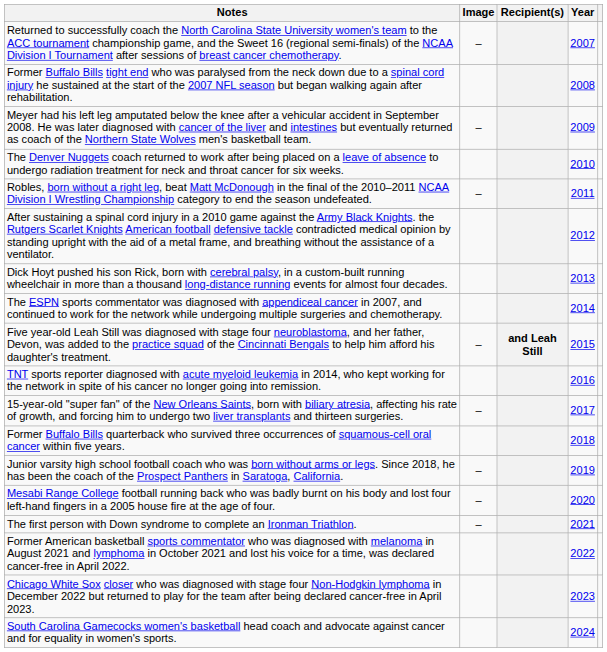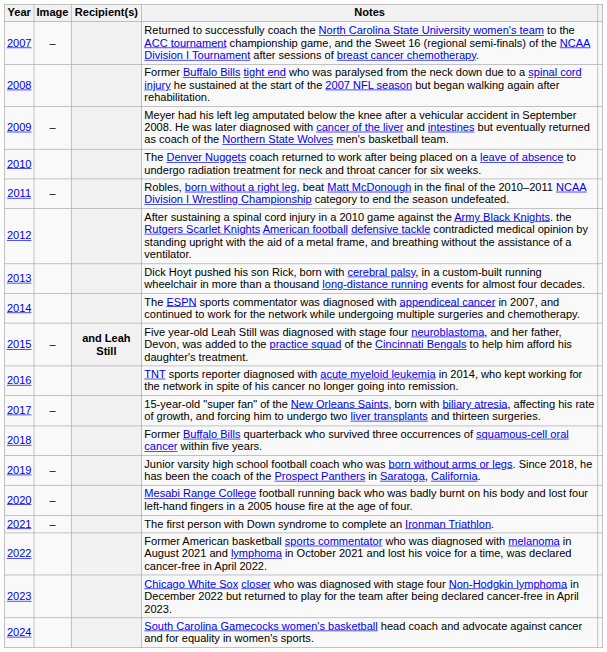 <table class="wikitable plainrowheaders sortable" style="text-align:center;">
 <tr>
-<th scope=col class=unsortable>Notes</th>
+<th scope=col>Year</th>
 <th scope=col class=unsortable>Image</th>
 <th scope=col>Recipient(s)</th>
-<th scope=col>Year</th>
+<th scope=col class=unsortable>Notes</th>
 <th scope=col class=unsortable></th>
 </tr>
 <tr>
-<td align=left>Returned to successfully coach the <a href='#'>North Carolina State University women's team</a> to the <a href='#'>ACC tournament</a> championship game, and the Sweet 16 (regional semi-finals) of the <a href='#'>NCAA Division I Tournament</a> after sessions of <a href='#'>breast cancer chemotherapy</a>.</td>
+<td><a href='#'>2007</a></td>
 <td>–</td>
 <th scope=row></th>
-<td><a href='#'>2007</a></td>
+<td align=left>Returned to successfully coach the <a href='#'>North Carolina State University women's team</a> to the <a href='#'>ACC tournament</a> championship game, and the Sweet 16 (regional semi-finals) of the <a href='#'>NCAA Division I Tournament</a> after sessions of <a href='#'>breast cancer chemotherapy</a>.</td>
 <td></td>
 </tr>
 <tr>
-<td align=left>Former <a href='#'>Buffalo Bills</a> <a href='#'>tight end</a> who was paralysed from the neck down due to a <a href='#'>spinal cord injury</a> he sustained at the start of the <a href='#'>2007 NFL season</a> but began walking again after rehabilitation.</td>
+<td><a href='#'>2008</a></td>
 <td></td>
 <th scope=row></th>
-<td><a href='#'>2008</a></td>
+<td align=left>Former <a href='#'>Buffalo Bills</a> <a href='#'>tight end</a> who was paralysed from the neck down due to a <a href='#'>spinal cord injury</a> he sustained at the start of the <a href='#'>2007 NFL season</a> but began walking again after rehabilitation.</td>
 <td></td>
 </tr>
 <tr>
-<td align=left>Meyer had his left leg amputated below the knee after a vehicular accident in September 2008. He was later diagnosed with <a href='#'>cancer of the liver</a> and <a href='#'>intestines</a> but eventually returned as coach of the <a href='#'>Northern State Wolves</a> men's basketball team.</td>
+<td><a href='#'>2009</a></td>
 <td>–</td>
 <th scope=row></th>
-<td><a href='#'>2009</a></td>
+<td align=left>Meyer had his left leg amputated below the knee after a vehicular accident in September 2008. He was later diagnosed with <a href='#'>cancer of the liver</a> and <a href='#'>intestines</a> but eventually returned as coach of the <a href='#'>Northern State Wolves</a> men's basketball team.</td>
 <td></td>
 </tr>
 <tr>
-<td align=left>The <a href='#'>Denver Nuggets</a> coach returned to work after being placed on a <a href='#'>leave of absence</a> to undergo radiation treatment for neck and throat cancer for six weeks.</td>
+<td><a href='#'>2010</a></td>
 <td></td>
 <th scope=row></th>
-<td><a href='#'>2010</a></td>
+<td align=left>The <a href='#'>Denver Nuggets</a> coach returned to work after being placed on a <a href='#'>leave of absence</a> to undergo radiation treatment for neck and throat cancer for six weeks.</td>
 <td></td>
 </tr>
 <tr>
-<td align=left>Robles, <a href='#'>born without a right leg</a>, beat <a href='#'>Matt McDonough</a> in the final of the 2010–2011 <a href='#'>NCAA Division I Wrestling Championship</a>  category to end the season undefeated.</td>
+<td><a href='#'>2011</a></td>
 <td>–</td>
 <th scope=row></th>
-<td><a href='#'>2011</a></td>
+<td align=left>Robles, <a href='#'>born without a right leg</a>, beat <a href='#'>Matt McDonough</a> in the final of the 2010–2011 <a href='#'>NCAA Division I Wrestling Championship</a>  category to end the season undefeated.</td>
 <td></td>
 </tr>
 <tr>
-<td align=left>After sustaining a spinal cord injury in a 2010 game against the <a href='#'>Army Black Knights</a>. the <a href='#'>Rutgers Scarlet Knights</a> <a href='#'>American football</a> <a href='#'>defensive tackle</a> contradicted medical opinion by standing upright with the aid of a metal frame, and breathing without the assistance of a ventilator.</td>
+<td><a href='#'>2012</a></td>
 <td></td>
 <th scope=row></th>
-<td><a href='#'>2012</a></td>
+<td align=left>After sustaining a spinal cord injury in a 2010 game against the <a href='#'>Army Black Knights</a>. the <a href='#'>Rutgers Scarlet Knights</a> <a href='#'>American football</a> <a href='#'>defensive tackle</a> contradicted medical opinion by standing upright with the aid of a metal frame, and breathing without the assistance of a ventilator.</td>
 <td></td>
 </tr>
 <tr>
-<td align=left>Dick Hoyt pushed his son Rick, born with <a href='#'>cerebral palsy</a>, in a custom-built running wheelchair in more than a thousand <a href='#'>long-distance running</a> events for almost four decades.</td>
+<td><a href='#'>2013</a></td>
 <td></td>
 <th scope=row></th>
-<td><a href='#'>2013</a></td>
+<td align=left>Dick Hoyt pushed his son Rick, born with <a href='#'>cerebral palsy</a>, in a custom-built running wheelchair in more than a thousand <a href='#'>long-distance running</a> events for almost four decades.</td>
 <td></td>
 </tr>
 <tr>
-<td align=left>The <a href='#'>ESPN</a> sports commentator was diagnosed with <a href='#'>appendiceal cancer</a> in 2007, and continued to work for the network while undergoing multiple surgeries and chemotherapy.</td>
+<td><a href='#'>2014</a></td>
 <td></td>
 <th scope=row></th>
-<td><a href='#'>2014</a></td>
+<td align=left>The <a href='#'>ESPN</a> sports commentator was diagnosed with <a href='#'>appendiceal cancer</a> in 2007, and continued to work for the network while undergoing multiple surgeries and chemotherapy.</td>
 <td></td>
 </tr>
 <tr>
-<td align=left>Five year-old Leah Still was diagnosed with stage four <a href='#'>neuroblastoma</a>, and her father, Devon, was added to the <a href='#'>practice squad</a> of the <a href='#'>Cincinnati Bengals</a> to help him afford his daughter's treatment.</td>
+<td><a href='#'>2015</a></td>
 <td>–</td>
 <th scope=row> and Leah Still</th>
-<td><a href='#'>2015</a></td>
+<td align=left>Five year-old Leah Still was diagnosed with stage four <a href='#'>neuroblastoma</a>, and her father, Devon, was added to the <a href='#'>practice squad</a> of the <a href='#'>Cincinnati Bengals</a> to help him afford his daughter's treatment.</td>
 <td></td>
 </tr>
 <tr>
-<td align=left><a href='#'>TNT</a> sports reporter diagnosed with <a href='#'>acute myeloid leukemia</a> in 2014, who kept working for the network in spite of his cancer no longer going into remission.</td>
+<td><a href='#'>2016</a></td>
 <td></td>
 <th scope=row></th>
-<td><a href='#'>2016</a></td>
+<td align=left><a href='#'>TNT</a> sports reporter diagnosed with <a href='#'>acute myeloid leukemia</a> in 2014, who kept working for the network in spite of his cancer no longer going into remission.</td>
 <td></td>
 </tr>
 <tr>
-<td align=left>15-year-old "super fan" of the <a href='#'>New Orleans Saints</a>, born with <a href='#'>biliary atresia</a>, affecting his rate of growth, and forcing him to undergo two <a href='#'>liver transplants</a> and thirteen surgeries.</td>
+<td><a href='#'>2017</a></td>
 <td>–</td>
 <th scope=row></th>
-<td><a href='#'>2017</a></td>
+<td align=left>15-year-old "super fan" of the <a href='#'>New Orleans Saints</a>, born with <a href='#'>biliary atresia</a>, affecting his rate of growth, and forcing him to undergo two <a href='#'>liver transplants</a> and thirteen surgeries.</td>
 <td></td>
 </tr>
 <tr>
-<td align=left>Former <a href='#'>Buffalo Bills</a> quarterback who survived three occurrences of <a href='#'>squamous-cell oral cancer</a> within five years.</td>
+<td><a href='#'>2018</a></td>
 <td></td>
 <th scope=row></th>
-<td><a href='#'>2018</a></td>
+<td align=left>Former <a href='#'>Buffalo Bills</a> quarterback who survived three occurrences of <a href='#'>squamous-cell oral cancer</a> within five years.</td>
 <td></td>
 </tr>
 <tr>
-<td align=left>Junior varsity high school football coach who was <a href='#'>born without arms or legs</a>. Since 2018, he has been the coach of the <a href='#'>Prospect Panthers</a> in <a href='#'>Saratoga</a>, <a href='#'>California</a>.</td>
+<td><a href='#'>2019</a></td>
 <td>–</td>
 <th scope=row></th>
-<td><a href='#'>2019</a></td>
+<td align=left>Junior varsity high school football coach who was <a href='#'>born without arms or legs</a>. Since 2018, he has been the coach of the <a href='#'>Prospect Panthers</a> in <a href='#'>Saratoga</a>, <a href='#'>California</a>.</td>
 <td></td>
 </tr>
 <tr>
-<td align=left><a href='#'>Mesabi Range College</a> football running back who was badly burnt on his body and lost four left-hand fingers in a 2005 house fire at the age of four.</td>
+<td><a href='#'>2020</a></td>
 <td>–</td>
 <th scope=row></th>
-<td><a href='#'>2020</a></td>
+<td align=left><a href='#'>Mesabi Range College</a> football running back who was badly burnt on his body and lost four left-hand fingers in a 2005 house fire at the age of four.</td>
 <td></td>
 </tr>
 <tr>
-<td align=left>The first person with Down syndrome to complete an <a href='#'>Ironman Triathlon</a>.</td>
+<td><a href='#'>2021</a></td>
 <td>–</td>
 <th scope=row></th>
-<td><a href='#'>2021</a></td>
+<td align=left>The first person with Down syndrome to complete an <a href='#'>Ironman Triathlon</a>.</td>
 <td></td>
 </tr>
 <tr>
-<td align=left>Former American basketball <a href='#'>sports commentator</a> who was diagnosed with <a href='#'>melanoma</a> in August 2021 and <a href='#'>lymphoma</a> in October 2021 and lost his voice for a time, was declared cancer-free in April 2022.</td>
+<td><a href='#'>2022</a></td>
 <td></td>
 <th scope=row></th>
-<td><a href='#'>2022</a></td>
+<td align=left>Former American basketball <a href='#'>sports commentator</a> who was diagnosed with <a href='#'>melanoma</a> in August 2021 and <a href='#'>lymphoma</a> in October 2021 and lost his voice for a time, was declared cancer-free in April 2022.</td>
 <td></td>
 </tr>
 <tr>
-<td align=left><a href='#'>Chicago White Sox</a> <a href='#'>closer</a> who was diagnosed with stage four <a href='#'>Non-Hodgkin lymphoma</a> in December 2022 but returned to play for the team after being declared cancer-free in April 2023.</td>
+<td><a href='#'>2023</a></td>
 <td></td>
 <th scope=row></th>
-<td><a href='#'>2023</a></td>
+<td align=left><a href='#'>Chicago White Sox</a> <a href='#'>closer</a> who was diagnosed with stage four <a href='#'>Non-Hodgkin lymphoma</a> in December 2022 but returned to play for the team after being declared cancer-free in April 2023.</td>
 <td></td>
 </tr>
 <tr>
-<td align=left><a href='#'>South Carolina Gamecocks women's basketball</a> head coach and advocate against cancer and for equality in women's sports.</td>
+<td><a href='#'>2024</a></td>
 <td></td>
 <th scope=row></th>
-<td><a href='#'>2024</a></td>
+<td align=left><a href='#'>South Carolina Gamecocks women's basketball</a> head coach and advocate against cancer and for equality in women's sports.</td>
 <td></td>
 </tr>
 </table>
